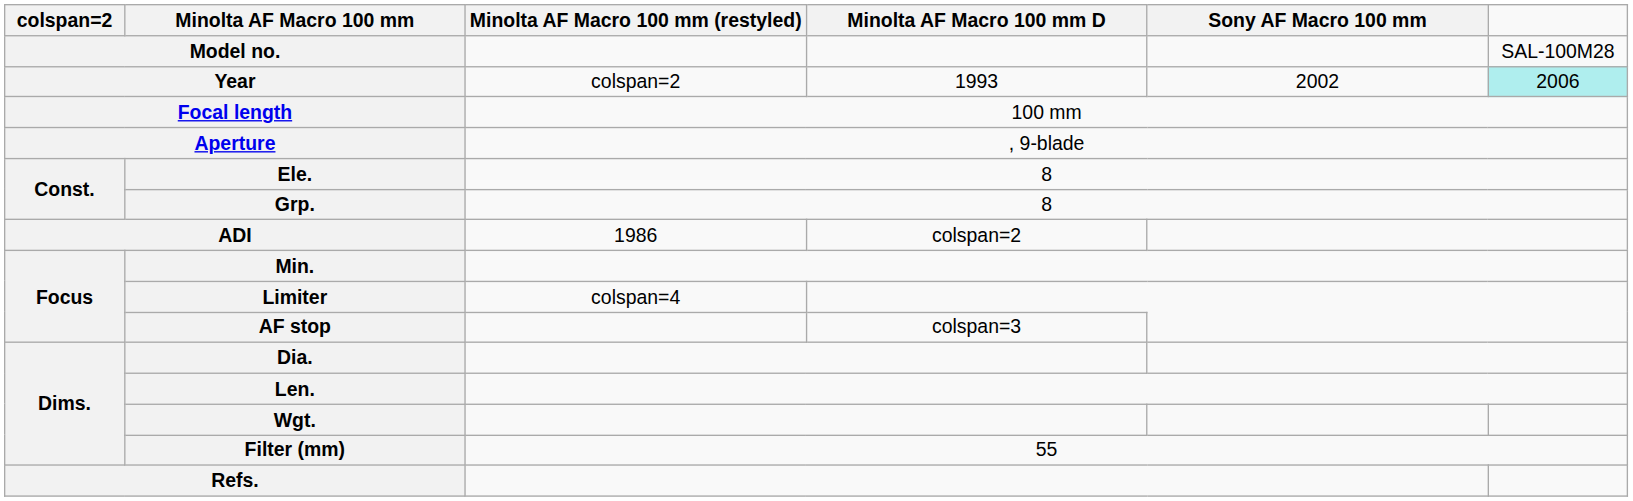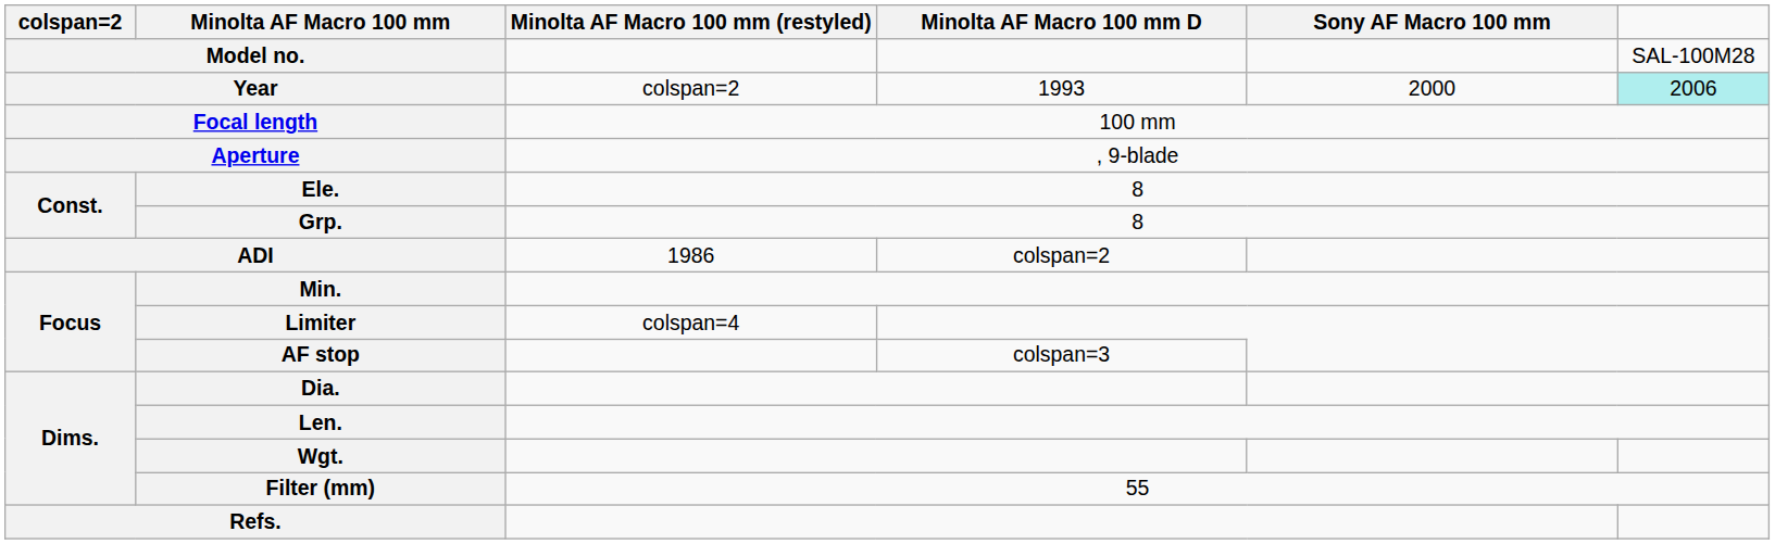 <table class="wikitable" style="font-size:90%;text-align:center;">
 <tr>
 <th>colspan=2 </th>
 <th style="width:21%;">Minolta AF Macro 100 mm </th>
 <th style="width:21%;">Minolta AF Macro 100 mm  (restyled)</th>
 <th style="width:21%;">Minolta AF Macro 100 mm  D</th>
 <th style="width:21%;">Sony AF Macro 100 mm </th>
 </tr>
 <tr>
 <th colspan=2>Model no.</th>
 <td></td>
 <td></td>
 <td></td>
 <td>SAL-100M28</td>
 </tr>
 <tr>
 <th colspan=2>Year</th>
 <td>colspan=2 </td>
 <td>1993</td>
-<td>2002</td>
+<td>2000</td>
 <td style="background: paleturquoise;">2006</td>
 </tr>
 <tr>
 <th colspan=2><a href='#'>Focal length</a></th>
 <td colspan=4>100 mm</td>
 </tr>
 <tr>
 <th colspan=2><a href='#'>Aperture</a></th>
 <td colspan=4>, 9-blade</td>
 </tr>
 <tr>
 <th rowspan=2>Const.</th>
 <th>Ele.</th>
 <td colspan=4>8</td>
 </tr>
 <tr>
 <th>Grp.</th>
 <td colspan=4>8</td>
 </tr>
 <tr>
 <th colspan=2>ADI</th>
 <td>1986</td>
 <td>colspan=2 </td>
 </tr>
 <tr>
 <th rowspan=3>Focus</th>
 <th>Min.</th>
 <td colspan=4></td>
 </tr>
 <tr>
 <th>Limiter</th>
 <td>colspan=4 </td>
 </tr>
 <tr>
 <th>AF stop</th>
 <td></td>
 <td>colspan=3 </td>
 </tr>
 <tr>
 <th rowspan=4>Dims.</th>
 <th>Dia.</th>
 <td colspan=2></td>
 <td colspan=2></td>
 </tr>
 <tr>
 <th>Len.</th>
 <td colspan=4></td>
 </tr>
 <tr>
 <th>Wgt.</th>
 <td colspan=2></td>
 <td></td>
 <td></td>
 </tr>
 <tr>
 <th>Filter (mm)</th>
 <td colspan=4>55</td>
 </tr>
 <tr>
 <th colspan=2>Refs.</th>
 <td colspan=3></td>
 <td></td>
 </tr>
 </table>
